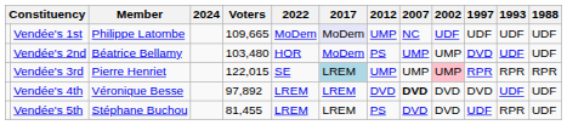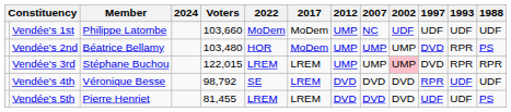 <table class="wikitable sortable">
 <tr>
 <th colspan="2">Constituency</th>
 <th>Member</th>
 <th>2024</th>
 <th>Voters</th>
 <th>2022</th>
 <th>2017</th>
 <th>2012</th>
 <th>2007</th>
 <th>2002</th>
 <th>1997</th>
 <th>1993</th>
 <th>1988</th>
 </tr>
 <tr>
 <td style="background-color: "></td>
 <td><a href='#'>Vendée's 1st</a></td>
 <td><a href='#'>Philippe Latombe</a></td>
 <td></td>
-<td>109,665</td>
+<td>103,660</td>
 <td><a href='#'>MoDem</a></td>
-<td style="background: lavender;">MoDem</td>
+<td>MoDem</td>
 <td><a href='#'>UMP</a></td>
 <td><a href='#'>NC</a></td>
 <td><a href='#'>UDF</a></td>
 <td>UDF</td>
 <td>UDF</td>
 <td>UDF</td>
 </tr>
 <tr>
 <td style="background-color: "></td>
 <td><a href='#'>Vendée's 2nd</a></td>
 <td><a href='#'>Béatrice Bellamy</a></td>
 <td></td>
 <td>103,480</td>
 <td><a href='#'>HOR</a></td>
 <td><a href='#'>MoDem</a></td>
-<td><a href='#'>PS</a></td>
+<td><a href='#'>UMP</a></td>
 <td><a href='#'>UMP</a></td>
 <td>UMP</td>
 <td><a href='#'>DVD</a></td>
-<td><a href='#'>UDF</a></td>
-<td>UDF</td>
+<td>RPR</td>
+<td><a href='#'>PS</a></td>
 </tr>
 <tr>
 <td style="background-color: "></td>
 <td><a href='#'>Vendée's 3rd</a></td>
-<td><a href='#'>Pierre Henriet</a></td>
+<td><a href='#'>Stéphane Buchou</a></td>
 <td></td>
 <td>122,015</td>
-<td><a href='#'>SE</a></td>
-<td style="background: lightblue;">LREM</td>
+<td><a href='#'>LREM</a></td>
+<td>LREM</td>
 <td><a href='#'>UMP</a></td>
 <td>UMP</td>
 <td style="background: pink;">UMP</td>
-<td><a href='#'>RPR</a></td>
+<td>DVD</td>
 <td>RPR</td>
 <td>RPR</td>
 </tr>
 <tr>
 <td style="background-color: "></td>
 <td><a href='#'>Vendée's 4th</a></td>
 <td><a href='#'>Véronique Besse</a></td>
 <td></td>
-<td>97,892</td>
-<td><a href='#'>LREM</a></td>
+<td>98,792</td>
+<td><a href='#'>SE</a></td>
 <td><a href='#'>LREM</a></td>
 <td><a href='#'>DVD</a></td>
-<td><strong>DVD</strong></td>
 <td>DVD</td>
 <td>DVD</td>
+<td><a href='#'>RPR</a></td>
 <td><a href='#'>UDF</a></td>
 <td>UDF</td>
 </tr>
 <tr>
 <td style="background-color: "></td>
 <td><a href='#'>Vendée's 5th</a></td>
-<td><a href='#'>Stéphane Buchou</a></td>
+<td><a href='#'>Pierre Henriet</a></td>
 <td></td>
 <td>81,455</td>
 <td><a href='#'>LREM</a></td>
 <td>LREM</td>
-<td><a href='#'>PS</a></td>
+<td><a href='#'>DVD</a></td>
 <td><a href='#'>DVD</a></td>
 <td>DVD</td>
 <td><a href='#'>UDF</a></td>
-<td>RPR</td>
 <td>UDF</td>
+<td><a href='#'>PS</a></td>
 </tr>
 </table>
